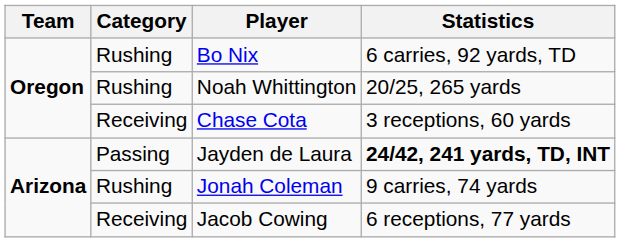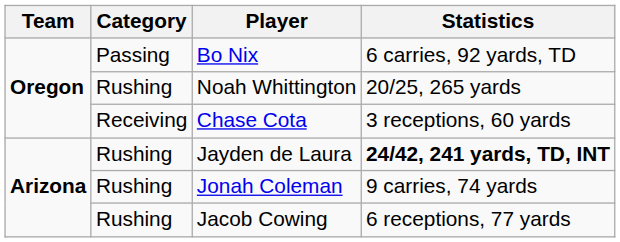 <table class="wikitable" style="float: right;">
 <tr>
 <th>Team</th>
 <th>Category</th>
 <th>Player</th>
 <th>Statistics</th>
 </tr>
 <tr>
 <td rowspan=3><strong>Oregon</strong></td>
-<td>Rushing</td>
+<td>Passing</td>
 <td><a href='#'>Bo Nix</a></td>
 <td>6 carries, 92 yards, TD</td>
 </tr>
 <tr>
 <td>Rushing</td>
 <td>Noah Whittington</td>
 <td>20/25, 265 yards</td>
 </tr>
 <tr>
 <td>Receiving</td>
 <td><a href='#'>Chase Cota</a></td>
 <td>3 receptions, 60 yards</td>
 </tr>
 <tr>
 <td rowspan=3><strong>Arizona</strong></td>
-<td>Passing</td>
+<td>Rushing</td>
 <td>Jayden de Laura</td>
 <td><strong>24/42, 241 yards, TD, INT</strong></td>
 </tr>
 <tr>
 <td>Rushing</td>
 <td><a href='#'>Jonah Coleman</a></td>
 <td>9 carries, 74 yards</td>
 </tr>
 <tr>
-<td>Receiving</td>
+<td>Rushing</td>
 <td>Jacob Cowing</td>
 <td>6 receptions, 77 yards</td>
 </tr>
 </table>
